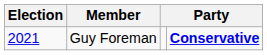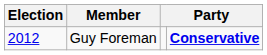 <table class="wikitable">
 <tr>
 <th>Election</th>
 <th>Member</th>
 <th colspan="2">Party</th>
 </tr>
 <tr>
-<td><a href='#'>2021</a></td>
+<td><a href='#'>2012</a></td>
 <td>Guy Foreman</td>
 <td style="background-color: "></td>
 <td><strong><a href='#'>Conservative</a></strong></td>
 </tr>
 </table>
